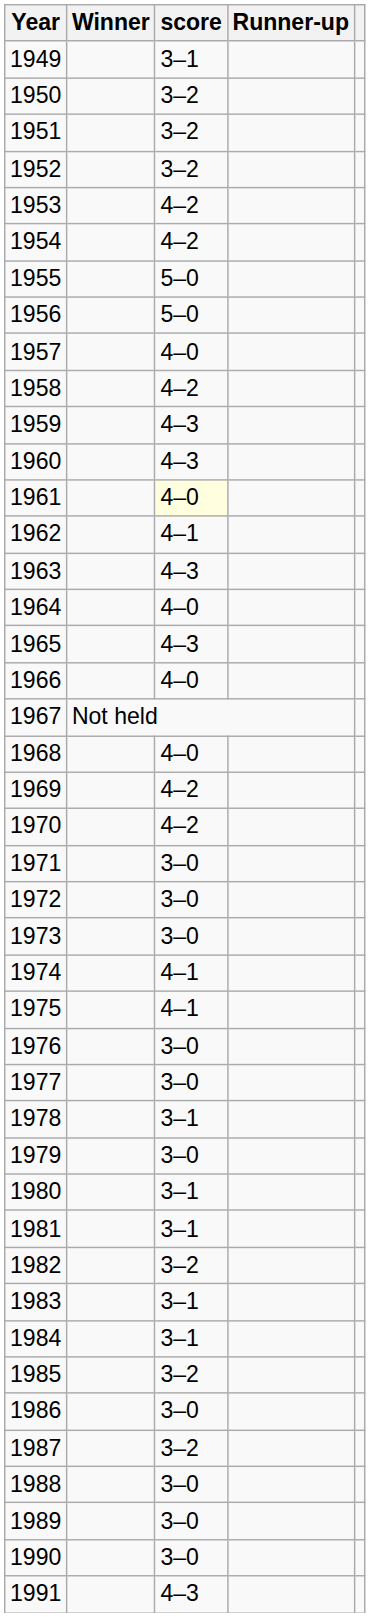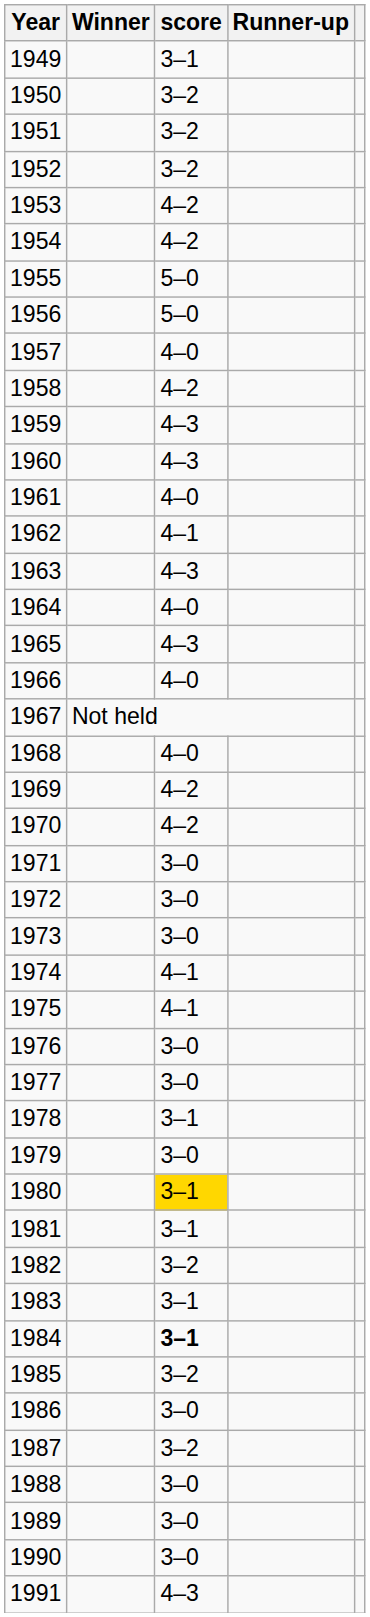 <table class="wikitable">
 <tr>
 <th Scope="col">Year</th>
 <th Scope="col">Winner</th>
 <th Scope="col">score</th>
 <th Scope="col">Runner-up</th>
 <th Scope="col"></th>
 </tr>
 <tr>
 <td>1949</td>
 <td></td>
 <td>3–1</td>
 <td></td>
 <td></td>
 </tr>
 <tr>
 <td>1950</td>
 <td></td>
 <td>3–2</td>
 <td></td>
 <td></td>
 </tr>
 <tr>
 <td>1951</td>
 <td></td>
 <td>3–2</td>
 <td></td>
 <td></td>
 </tr>
 <tr>
 <td>1952</td>
 <td></td>
 <td>3–2</td>
 <td></td>
 <td></td>
 </tr>
 <tr>
 <td>1953</td>
 <td></td>
 <td>4–2</td>
 <td></td>
 <td></td>
 </tr>
 <tr>
 <td>1954</td>
 <td></td>
 <td>4–2</td>
 <td></td>
 <td></td>
 </tr>
 <tr>
 <td>1955</td>
 <td></td>
 <td>5–0</td>
 <td></td>
 <td></td>
 </tr>
 <tr>
 <td>1956</td>
 <td></td>
 <td>5–0</td>
 <td></td>
 <td></td>
 </tr>
 <tr>
 <td>1957</td>
 <td></td>
 <td>4–0</td>
 <td></td>
 <td></td>
 </tr>
 <tr>
 <td>1958</td>
 <td></td>
 <td>4–2</td>
 <td></td>
 <td></td>
 </tr>
 <tr>
 <td>1959</td>
 <td></td>
 <td>4–3</td>
 <td></td>
 <td></td>
 </tr>
 <tr>
 <td>1960</td>
 <td></td>
 <td>4–3</td>
 <td></td>
 <td></td>
 </tr>
 <tr>
 <td>1961</td>
 <td></td>
-<td style="background: lightyellow;">4–0</td>
+<td>4–0</td>
 <td></td>
 <td></td>
 </tr>
 <tr>
 <td>1962</td>
 <td></td>
 <td>4–1</td>
 <td></td>
 <td></td>
 </tr>
 <tr>
 <td>1963</td>
 <td></td>
 <td>4–3</td>
 <td></td>
 <td></td>
 </tr>
 <tr>
 <td>1964</td>
 <td></td>
 <td>4–0</td>
 <td></td>
 <td></td>
 </tr>
 <tr>
 <td>1965</td>
 <td></td>
 <td>4–3</td>
 <td></td>
 <td></td>
 </tr>
 <tr>
 <td>1966</td>
 <td></td>
 <td>4–0</td>
 <td></td>
 <td></td>
 </tr>
 <tr>
 <td>1967</td>
 <td colspan=3>Not held</td>
 <td></td>
 </tr>
 <tr>
 <td>1968</td>
 <td></td>
 <td>4–0</td>
 <td></td>
 <td></td>
 </tr>
 <tr>
 <td>1969</td>
 <td></td>
 <td>4–2</td>
 <td></td>
 <td></td>
 </tr>
 <tr>
 <td>1970</td>
 <td></td>
 <td>4–2</td>
 <td></td>
 <td></td>
 </tr>
 <tr>
 <td>1971</td>
 <td></td>
 <td>3–0</td>
 <td></td>
 <td></td>
 </tr>
 <tr>
 <td>1972</td>
 <td></td>
 <td>3–0</td>
 <td></td>
 <td></td>
 </tr>
 <tr>
 <td>1973</td>
 <td></td>
 <td>3–0</td>
 <td></td>
 <td></td>
 </tr>
 <tr>
 <td>1974</td>
 <td></td>
 <td>4–1</td>
 <td></td>
 <td></td>
 </tr>
 <tr>
 <td>1975</td>
 <td></td>
 <td>4–1</td>
 <td></td>
 <td></td>
 </tr>
 <tr>
 <td>1976</td>
 <td></td>
 <td>3–0</td>
 <td></td>
 <td></td>
 </tr>
 <tr>
 <td>1977</td>
 <td></td>
 <td>3–0</td>
 <td></td>
 <td></td>
 </tr>
 <tr>
 <td>1978</td>
 <td></td>
 <td>3–1</td>
 <td></td>
 <td></td>
 </tr>
 <tr>
 <td>1979</td>
 <td></td>
 <td>3–0</td>
 <td></td>
 <td></td>
 </tr>
 <tr>
 <td>1980</td>
 <td></td>
-<td>3–1</td>
+<td style="background: gold;">3–1</td>
 <td></td>
 <td></td>
 </tr>
 <tr>
 <td>1981</td>
 <td></td>
 <td>3–1</td>
 <td></td>
 <td></td>
 </tr>
 <tr>
 <td>1982</td>
 <td></td>
 <td>3–2</td>
 <td></td>
 <td></td>
 </tr>
 <tr>
 <td>1983</td>
 <td></td>
 <td>3–1</td>
 <td></td>
 <td></td>
 </tr>
 <tr>
 <td>1984</td>
 <td></td>
-<td>3–1</td>
+<td><strong>3–1</strong></td>
 <td></td>
 <td></td>
 </tr>
 <tr>
 <td>1985</td>
 <td></td>
 <td>3–2</td>
 <td></td>
 <td></td>
 </tr>
 <tr>
 <td>1986</td>
 <td></td>
 <td>3–0</td>
 <td></td>
 <td></td>
 </tr>
 <tr>
 <td>1987</td>
 <td></td>
 <td>3–2</td>
 <td></td>
 <td></td>
 </tr>
 <tr>
 <td>1988</td>
 <td></td>
 <td>3–0</td>
 <td></td>
 <td></td>
 </tr>
 <tr>
 <td>1989</td>
 <td></td>
 <td>3–0</td>
 <td></td>
 <td></td>
 </tr>
 <tr>
 <td>1990</td>
 <td></td>
 <td>3–0</td>
 <td></td>
 <td></td>
 </tr>
 <tr>
 <td>1991</td>
 <td></td>
 <td>4–3</td>
 <td></td>
 <td></td>
 </tr>
 </table>
